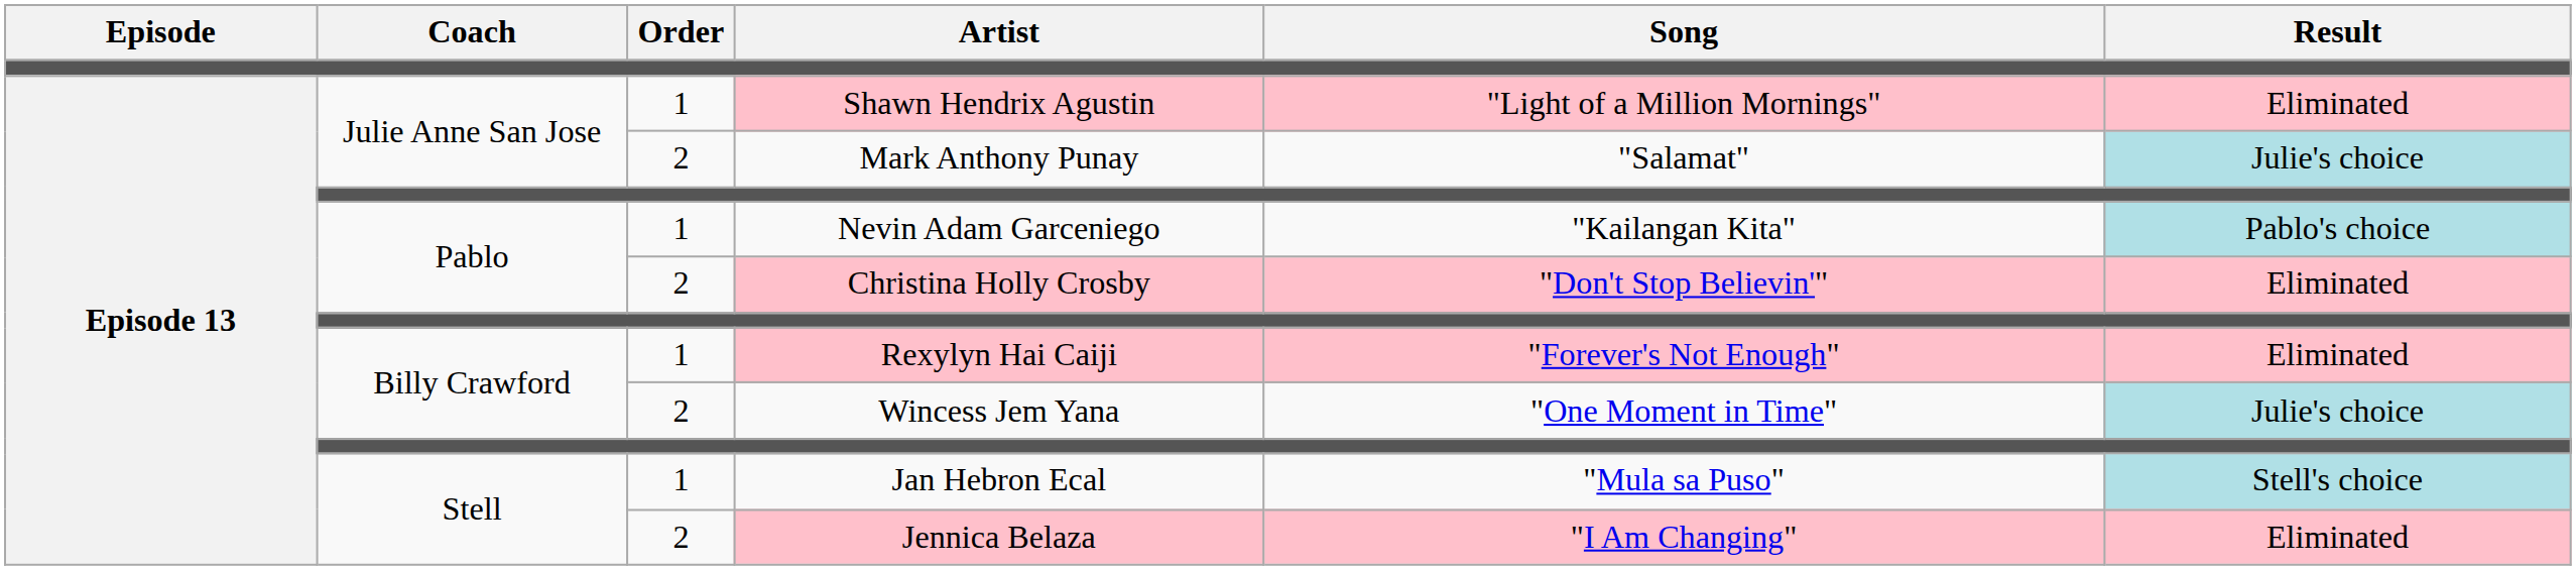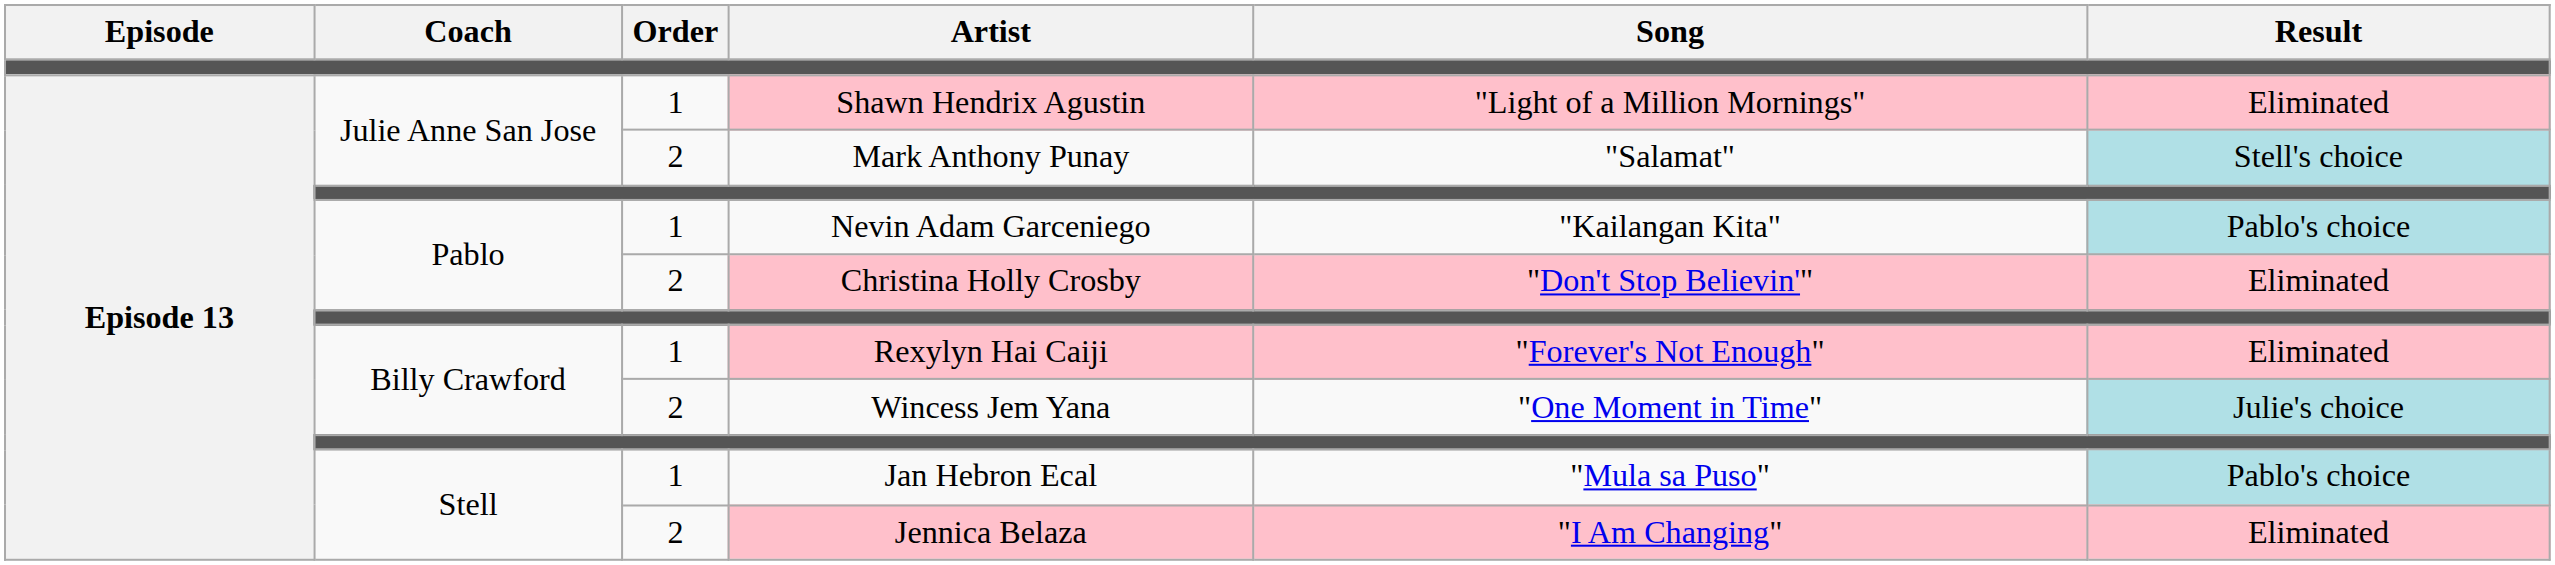 <table class="wikitable" style="text-align:center; line-height:20px; width:80%;">
 <tr>
 <th width="10%">Episode</th>
 <th width="10%">Coach</th>
 <th width="01%">Order</th>
 <th width="17%">Artist</th>
 <th width="27%">Song</th>
 <th width="15%">Result</th>
 </tr>
 <tr>
 <td colspan="6" style="background:#555;"></td>
 </tr>
 <tr>
 <th rowspan="11">Episode 13<br><small></small></th>
 <td rowspan="2">Julie Anne San Jose</td>
 <td>1</td>
 <td style="background:pink">Shawn Hendrix Agustin</td>
 <td style="background:pink">"Light of a Million Mornings"</td>
 <td style="background:pink">Eliminated</td>
 </tr>
 <tr>
 <td>2</td>
 <td>Mark Anthony Punay</td>
 <td>"Salamat"</td>
-<td style="background:#b0e0e6">Julie's choice</td>
+<td style="background:#b0e0e6">Stell's choice</td>
 </tr>
 <tr>
 <td colspan="5" style="background:#555;"></td>
 </tr>
 <tr>
 <td rowspan="2">Pablo</td>
 <td>1</td>
 <td>Nevin Adam Garceniego</td>
 <td>"Kailangan Kita"</td>
 <td style="background:#b0e0e6">Pablo's choice</td>
 </tr>
 <tr>
 <td>2</td>
 <td style="background:pink">Christina Holly Crosby</td>
 <td style="background:pink">"<a href='#'>Don't Stop Believin'</a>"</td>
 <td style="background:pink">Eliminated</td>
 </tr>
 <tr>
 <td colspan="5" style="background:#555;"></td>
 </tr>
 <tr>
 <td rowspan="2">Billy Crawford</td>
 <td>1</td>
 <td style="background:pink">Rexylyn Hai Caiji</td>
 <td style="background:pink">"<a href='#'>Forever's Not Enough</a>"</td>
 <td style="background:pink">Eliminated</td>
 </tr>
 <tr>
 <td>2</td>
 <td>Wincess Jem Yana</td>
 <td>"<a href='#'>One Moment in Time</a>"</td>
 <td style="background:#b0e0e6">Julie's choice</td>
 </tr>
 <tr>
 <td colspan="5" style="background:#555;"></td>
 </tr>
 <tr>
 <td rowspan="2">Stell</td>
 <td>1</td>
 <td>Jan Hebron Ecal</td>
 <td>"<a href='#'>Mula sa Puso</a>"</td>
-<td style="background:#b0e0e6">Stell's choice</td>
+<td style="background:#b0e0e6">Pablo's choice</td>
 </tr>
 <tr>
 <td>2</td>
 <td style="background:pink">Jennica Belaza</td>
 <td style="background:pink">"<a href='#'>I Am Changing</a>"</td>
 <td style="background:pink">Eliminated</td>
 </tr>
 </table>
